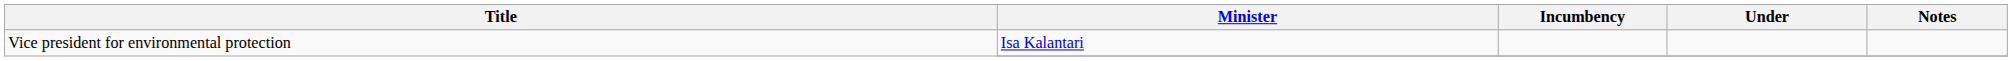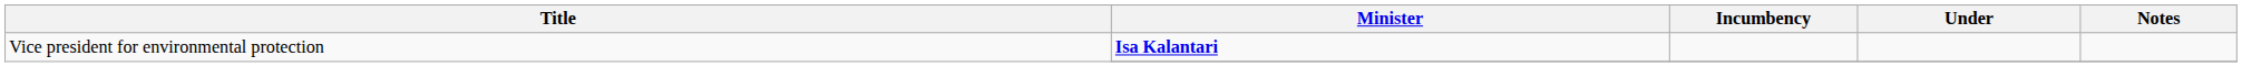 <table class="wikitable" style="width:100%;">
 <tr>
 <th>Title</th>
 <th style="width:25%;"><a href='#'>Minister</a></th>
 <th style="width:160px;">Incumbency</th>
 <th style="width:10%;">Under</th>
 <th style="width:7%;">Notes</th>
 </tr>
 <tr>
 <td rowspan="2" style="vertical-align:top;">Vice president for environmental protection</td>
-<td><a href='#'>Isa Kalantari</a></td>
+<td><strong><a href='#'>Isa Kalantari</a></strong></td>
 <td></td>
 <td></td>
 <td></td>
 </tr>
 <tr>
 </tr>
 </table>
